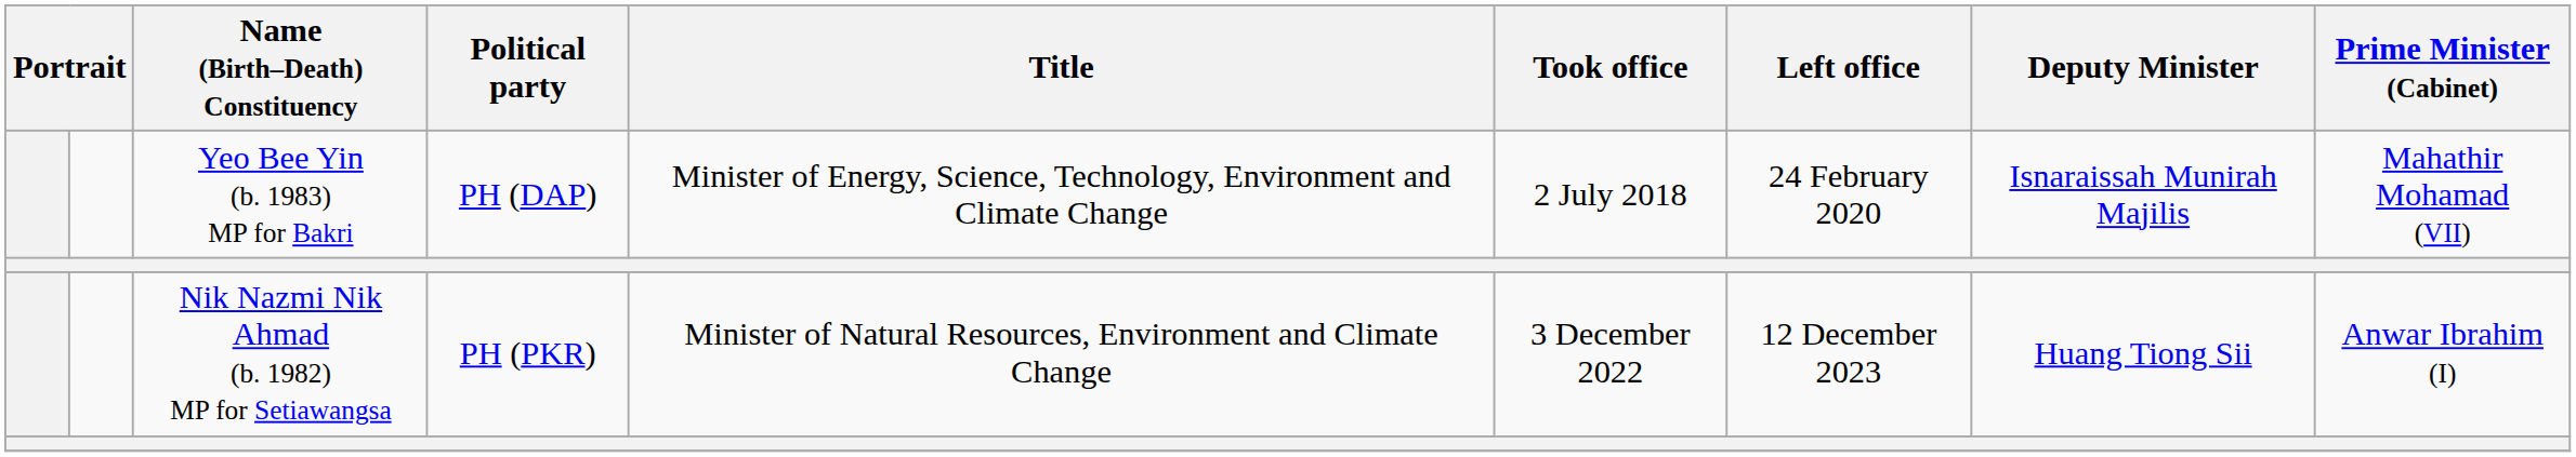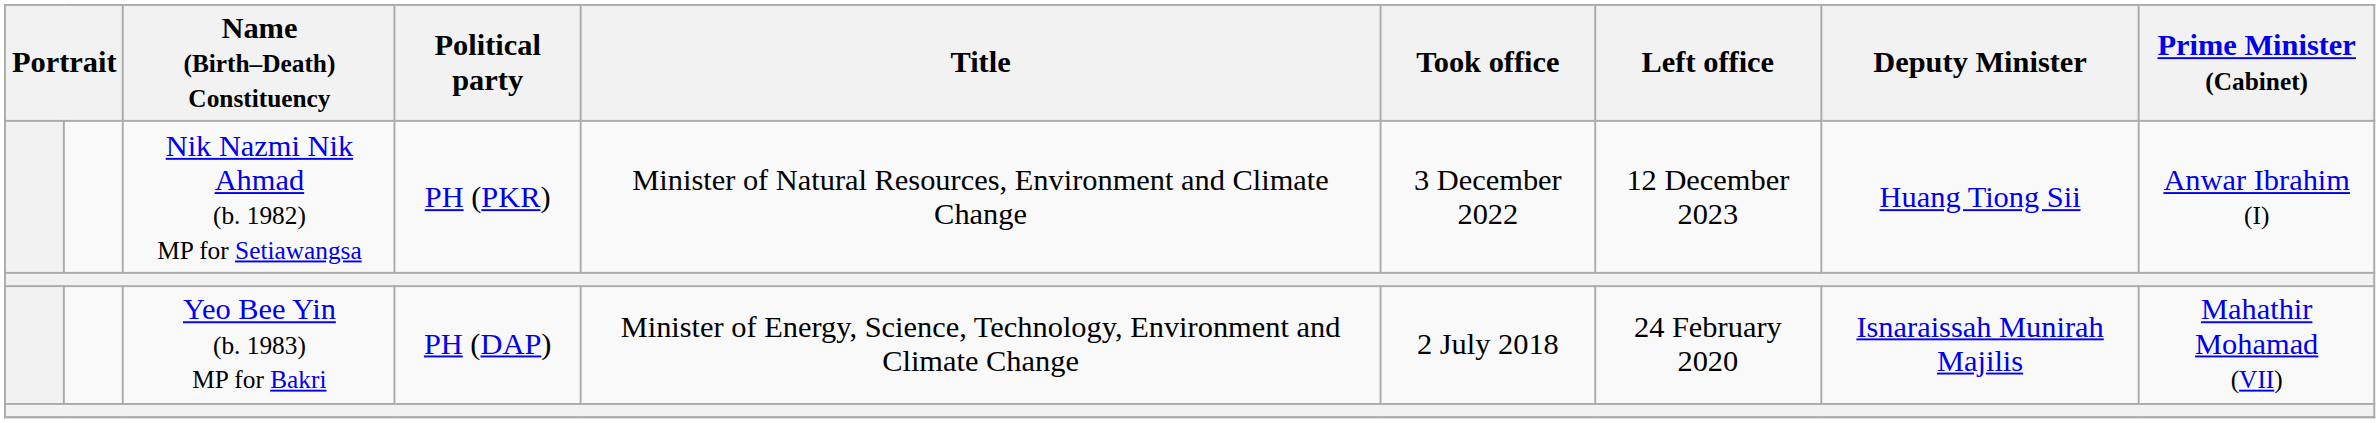 <table class="wikitable" style="text-align:center;">
 <tr>
 <th colspan=2>Portrait</th>
 <th>Name<br><small>(Birth–Death)<br>Constituency</small></th>
 <th>Political party</th>
 <th>Title</th>
 <th>Took office</th>
 <th>Left office</th>
 <th>Deputy Minister</th>
 <th><a href='#'>Prime Minister</a><br><small>(Cabinet)</small></th>
+</tr>
+<tr>
+<th style="background:"></th>
+<td></td>
+<td><a href='#'>Nik Nazmi Nik Ahmad</a><br><small>(b. 1982)<br>MP for <a href='#'>Setiawangsa</a></small></td>
+<td><a href='#'>PH</a> (<a href='#'>PKR</a>)</td>
+<td>Minister of Natural Resources, Environment and Climate Change</td>
+<td>3 December 2022</td>
+<td>12 December 2023</td>
+<td><a href='#'>Huang Tiong Sii</a></td>
+<td><a href='#'>Anwar Ibrahim</a><br><small>(I)</small></td>
+</tr>
+<tr>
+<th colspan="9" bgcolor="cccccc"></th>
 </tr>
 <tr>
 <th style="background:"></th>
 <td></td>
 <td><a href='#'>Yeo Bee Yin</a><br><small>(b. 1983)<br>MP for <a href='#'>Bakri</a></small></td>
 <td><a href='#'>PH</a> (<a href='#'>DAP</a>)</td>
 <td>Minister of Energy, Science, Technology, Environment and Climate Change</td>
 <td>2 July 2018</td>
 <td>24 February 2020</td>
 <td><a href='#'>Isnaraissah Munirah Majilis</a></td>
 <td><a href='#'>Mahathir Mohamad</a><br><small>(<a href='#'>VII</a>)</small></td>
 </tr>
 <tr>
 <th colspan="9" bgcolor="cccccc"></th>
 </tr>
 <tr>
-<th style="background:"></th>
-<td></td>
-<td><a href='#'>Nik Nazmi Nik Ahmad</a><br><small>(b. 1982)<br>MP for <a href='#'>Setiawangsa</a></small></td>
-<td><a href='#'>PH</a> (<a href='#'>PKR</a>)</td>
-<td>Minister of Natural Resources, Environment and Climate Change</td>
-<td>3 December 2022</td>
-<td>12 December 2023</td>
-<td><a href='#'>Huang Tiong Sii</a></td>
-<td><a href='#'>Anwar Ibrahim</a><br><small>(I)</small></td>
-</tr>
-<tr>
-<th colspan="9" bgcolor="cccccc"></th>
-</tr>
-<tr>
 </tr>
 </table>
